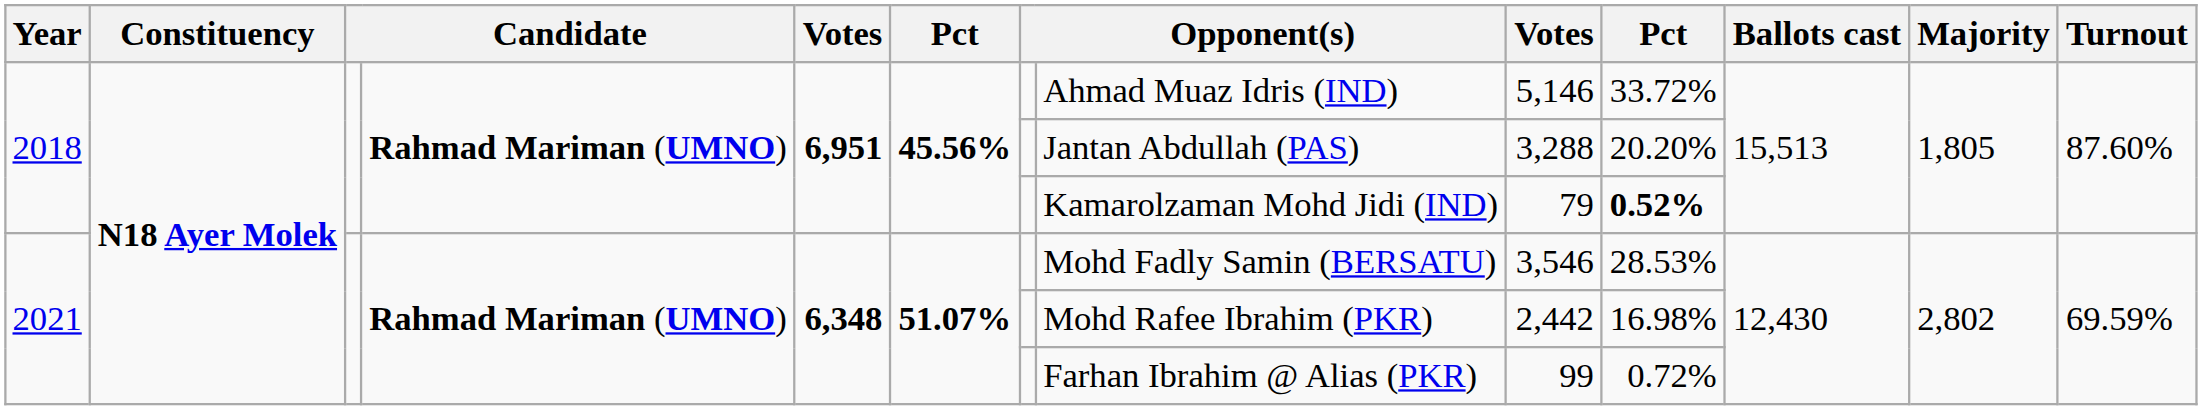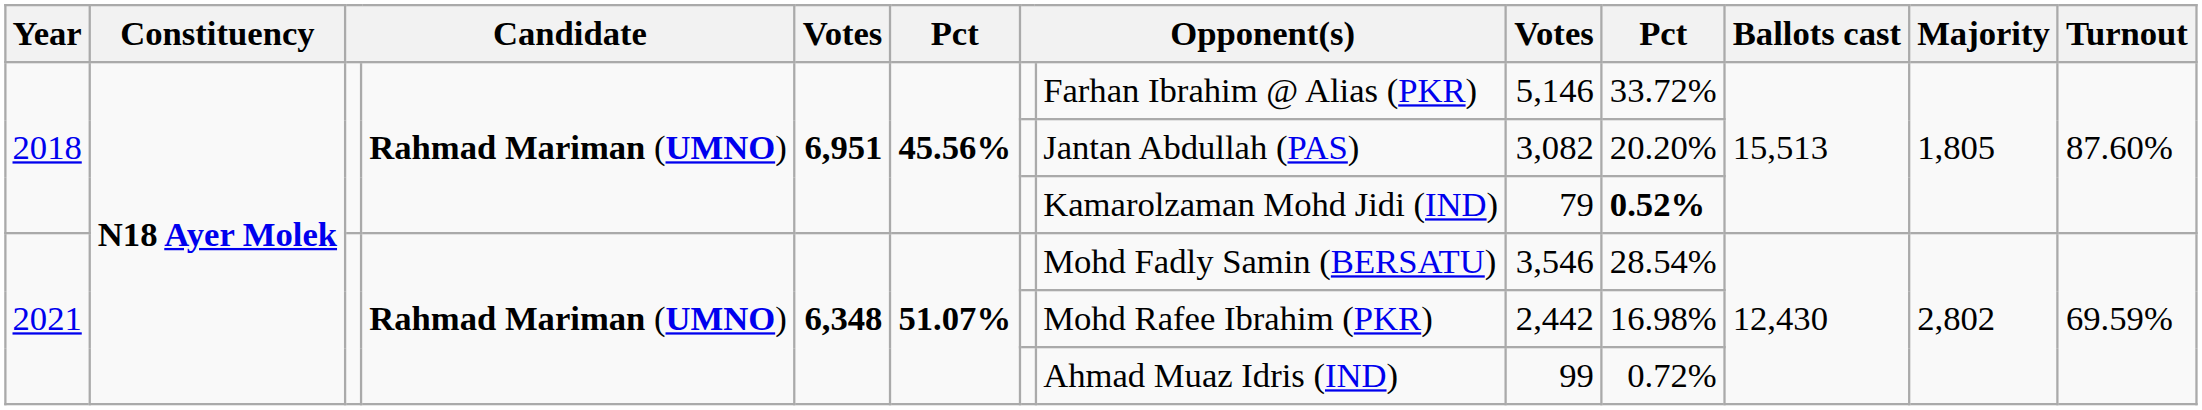 <table class="wikitable" style="margin:0.5em ; font-size:95%">
 <tr>
 <th>Year</th>
 <th>Constituency</th>
 <th colspan=2>Candidate</th>
 <th>Votes</th>
 <th>Pct</th>
 <th colspan=2>Opponent(s)</th>
 <th>Votes</th>
 <th>Pct</th>
 <th>Ballots cast</th>
 <th>Majority</th>
 <th>Turnout</th>
 </tr>
 <tr>
 <td rowspan=3><a href='#'>2018</a></td>
 <td rowspan=6><strong>N18 <a href='#'>Ayer Molek</a></strong></td>
 <td rowspan=3 ></td>
 <td rowspan=3><strong>Rahmad Mariman</strong> (<a href='#'><strong>UMNO</strong></a>)</td>
 <td rowspan=3 align="right"><strong>6,951</strong></td>
 <td rowspan=3><strong>45.56%</strong></td>
 <td></td>
-<td>Ahmad Muaz Idris (<a href='#'>IND</a>)</td>
+<td>Farhan Ibrahim @ Alias (<a href='#'>PKR</a>)</td>
 <td align="right">5,146</td>
 <td>33.72%</td>
 <td rowspan=3>15,513</td>
 <td rowspan=3>1,805</td>
 <td rowspan=3>87.60%</td>
 </tr>
 <tr>
 <td></td>
 <td>Jantan Abdullah (<a href='#'>PAS</a>)</td>
-<td align="right">3,288</td>
+<td align="right">3,082</td>
 <td>20.20%</td>
 </tr>
 <tr>
 <td></td>
 <td>Kamarolzaman Mohd Jidi (<a href='#'>IND</a>)</td>
 <td align="right">79</td>
 <td><strong>0.52%</strong></td>
 </tr>
 <tr>
 <td rowspan=3><a href='#'>2021</a></td>
 <td rowspan=3 ></td>
 <td rowspan=3><strong>Rahmad Mariman</strong> (<a href='#'><strong>UMNO</strong></a>)</td>
 <td rowspan=3 align="right"><strong>6,348</strong></td>
 <td rowspan=3><strong>51.07%</strong></td>
 <td></td>
 <td>Mohd Fadly Samin (<a href='#'>BERSATU</a>)</td>
 <td align="right">3,546</td>
-<td>28.53%</td>
+<td>28.54%</td>
 <td rowspan=3>12,430</td>
 <td rowspan=3>2,802</td>
 <td rowspan=3>69.59%</td>
 </tr>
 <tr>
 <td></td>
 <td>Mohd Rafee Ibrahim (<a href='#'>PKR</a>)</td>
 <td align="right">2,442</td>
 <td>16.98%</td>
 </tr>
 <tr>
 <td></td>
-<td>Farhan Ibrahim @ Alias (<a href='#'>PKR</a>)</td>
+<td>Ahmad Muaz Idris (<a href='#'>IND</a>)</td>
 <td align="right">99</td>
 <td align=right>0.72%</td>
 </tr>
 </table>
